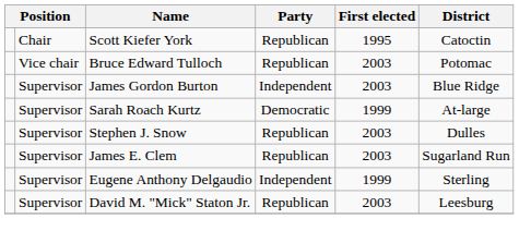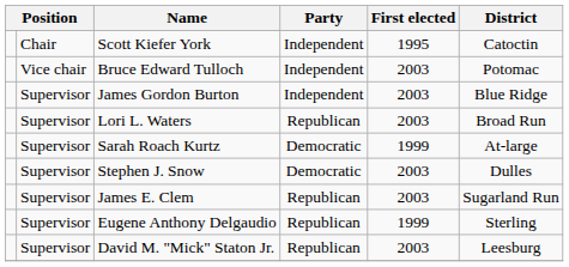 <table class="wikitable">
 <tr>
 <th colspan="2" align="center" valign="bottom">Position</th>
 <th style="text-align:center;">Name</th>
 <th valign="bottom">Party</th>
 <th valign="bottom" align="center">First elected</th>
 <th valign="bottom" align="center">District</th>
 </tr>
 <tr>
 <td style="background-color:"> </td>
 <td>Chair</td>
 <td>Scott Kiefer York</td>
-<td style="text-align:center;">Republican</td>
+<td style="text-align:center;">Independent</td>
 <td style="text-align:center;">1995</td>
 <td style="text-align:center;">Catoctin</td>
 </tr>
 <tr>
 <td style="background-color:"> </td>
 <td>Vice chair</td>
 <td>Bruce Edward Tulloch</td>
-<td style="text-align:center;">Republican</td>
+<td style="text-align:center;">Independent</td>
 <td style="text-align:center;">2003</td>
 <td style="text-align:center;">Potomac</td>
 </tr>
 <tr>
 <td style="background-color:"> </td>
 <td>Supervisor</td>
 <td>James Gordon Burton</td>
 <td style="text-align:center;">Independent</td>
 <td style="text-align:center;">2003</td>
 <td style="text-align:center;">Blue Ridge</td>
 </tr>
 <tr>
 <td style="background-color:"> </td>
 <td>Supervisor</td>
+<td>Lori L. Waters</td>
+<td style="text-align:center;">Republican</td>
+<td style="text-align:center;">2003</td>
+<td style="text-align:center;">Broad Run</td>
+</tr>
+<tr>
+<td style="background-color:"> </td>
+<td>Supervisor</td>
 <td>Sarah Roach Kurtz</td>
 <td style="text-align:center;">Democratic</td>
 <td style="text-align:center;">1999</td>
 <td style="text-align:center;">At-large</td>
 </tr>
 <tr>
 <td style="background-color:"> </td>
 <td>Supervisor</td>
 <td>Stephen J. Snow</td>
-<td style="text-align:center;">Republican</td>
+<td style="text-align:center;">Democratic</td>
 <td style="text-align:center;">2003</td>
 <td style="text-align:center;">Dulles</td>
 </tr>
 <tr>
 <td style="background-color:"> </td>
 <td>Supervisor</td>
 <td>James E. Clem</td>
 <td style="text-align:center;">Republican</td>
 <td style="text-align:center;">2003</td>
 <td style="text-align:center;">Sugarland Run</td>
 </tr>
 <tr>
 <td style="background-color:"> </td>
 <td>Supervisor</td>
 <td>Eugene Anthony Delgaudio</td>
-<td style="text-align:center;">Independent</td>
+<td style="text-align:center;">Republican</td>
 <td style="text-align:center;">1999</td>
 <td style="text-align:center;">Sterling</td>
 </tr>
 <tr>
 <td style="background-color:"> </td>
 <td>Supervisor</td>
 <td>David M. "Mick" Staton Jr.</td>
 <td style="text-align:center;">Republican</td>
 <td style="text-align:center;">2003</td>
 <td style="text-align:center;">Leesburg</td>
 </tr>
 <tr>
 </tr>
 </table>
